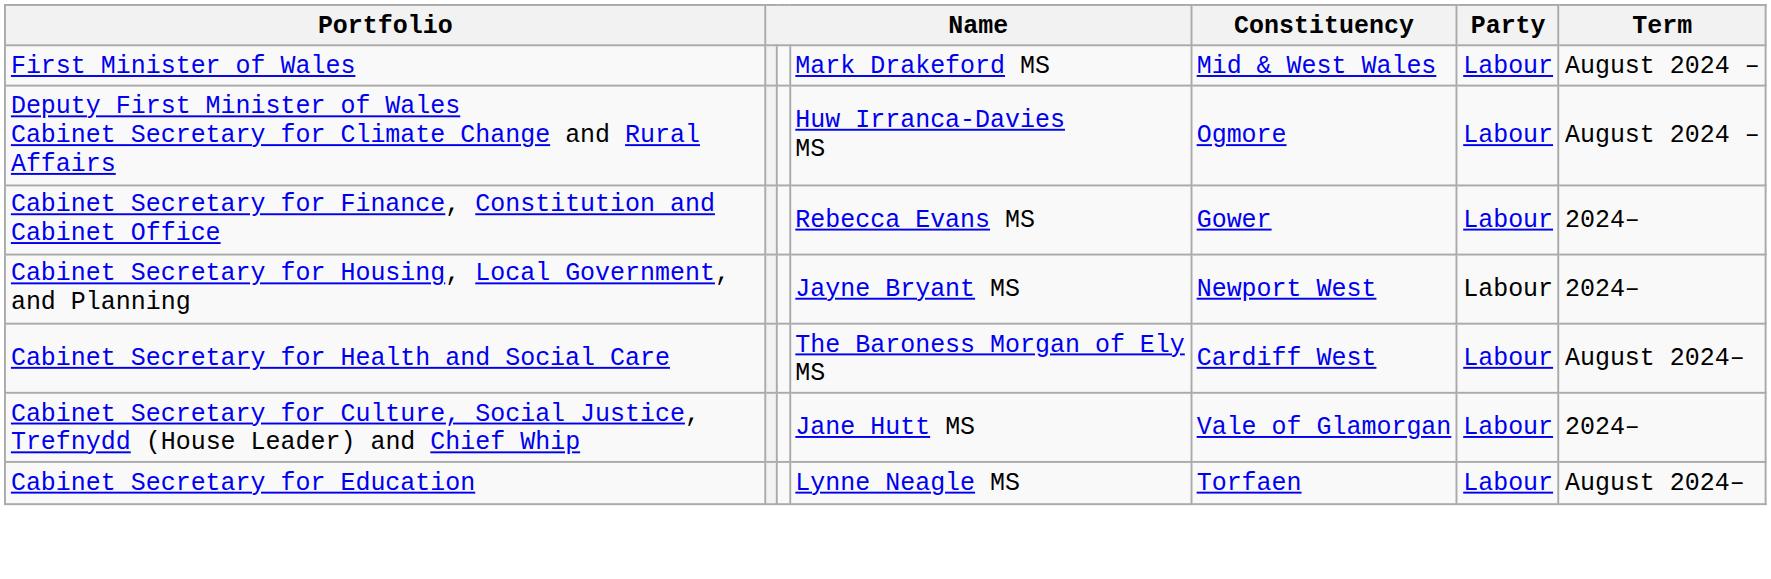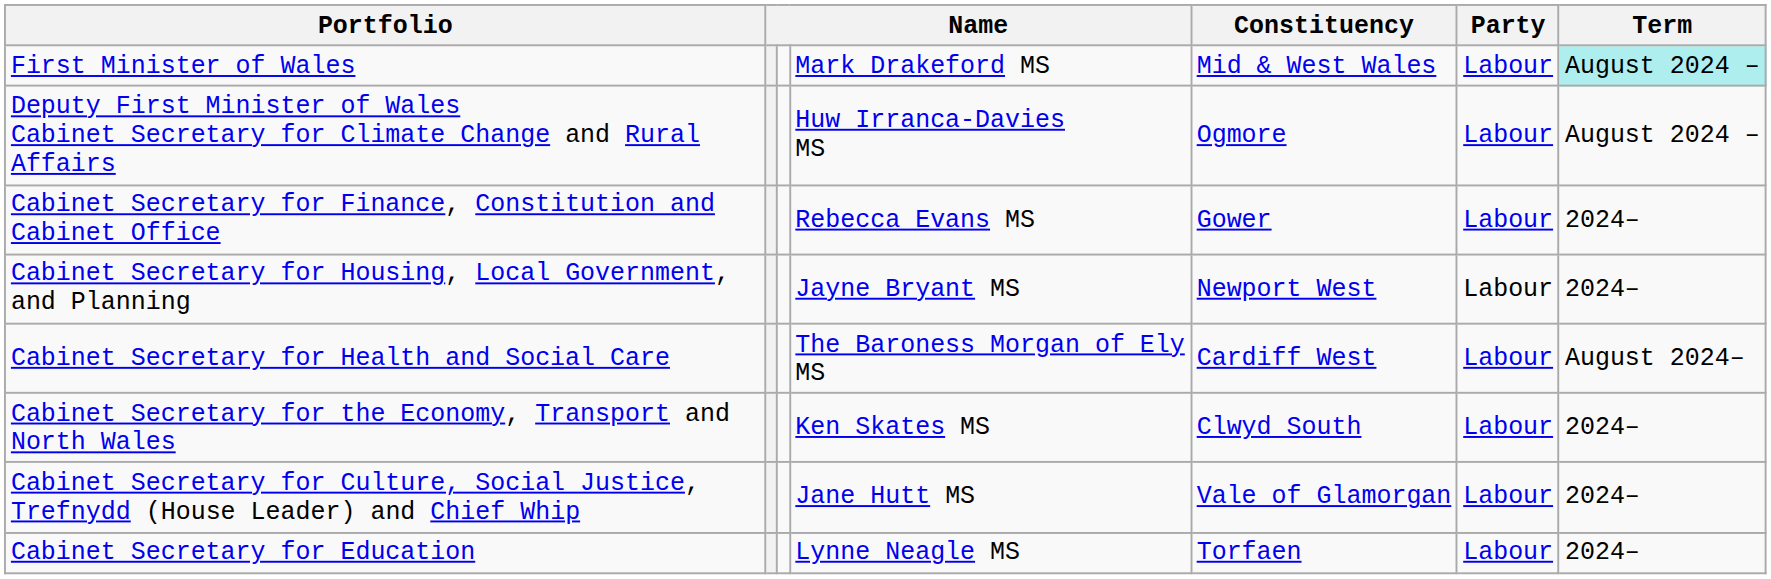 <table class="wikitable">
 <tr>
 <th style="width: 390px">Portfolio</th>
 <th colspan="3">Name</th>
 <th>Constituency</th>
 <th>Party</th>
 <th>Term</th>
 </tr>
 <tr>
 <td><a href='#'>First Minister of Wales</a></td>
 <th style="background-color: "></th>
 <td></td>
 <td><a href='#'>Mark Drakeford</a> MS</td>
 <td><a href='#'>Mid & West Wales</a></td>
 <td><a href='#'>Labour</a></td>
-<td>August 2024 –</td>
+<td style="background: paleturquoise;">August 2024 –</td>
 </tr>
 <tr>
 <td><a href='#'>Deputy First Minister of Wales</a><br><a href='#'>Cabinet Secretary for Climate Change</a> and <a href='#'>Rural Affairs</a></td>
 <th style="background-color: "></th>
 <td></td>
 <td><a href='#'>Huw Irranca-Davies</a><br>MS</td>
 <td><a href='#'>Ogmore</a></td>
 <td><a href='#'>Labour</a></td>
 <td>August 2024 –</td>
 </tr>
 <tr>
 <td><a href='#'>Cabinet Secretary for Finance</a>, <a href='#'>Constitution and Cabinet Office</a></td>
 <th style="background-color: "></th>
 <td></td>
 <td><a href='#'>Rebecca Evans</a> MS</td>
 <td><a href='#'>Gower</a></td>
 <td><a href='#'>Labour</a></td>
 <td>2024–</td>
 </tr>
 <tr>
 <td><a href='#'>Cabinet Secretary for Housing</a>, <a href='#'>Local Government</a>, and Planning</td>
 <th style="background-color: "></th>
 <td></td>
 <td><a href='#'>Jayne Bryant</a> MS</td>
 <td><a href='#'>Newport West</a></td>
 <td>Labour</td>
 <td>2024–</td>
 </tr>
 <tr>
 <td><a href='#'>Cabinet Secretary for Health and Social Care</a></td>
 <th style="background-color: "></th>
 <td></td>
 <td><a href='#'>The Baroness Morgan of Ely</a><br>MS</td>
 <td><a href='#'>Cardiff West</a></td>
 <td><a href='#'>Labour</a></td>
 <td>August 2024–</td>
 </tr>
 <tr>
+<td><a href='#'>Cabinet Secretary for the Economy</a>, <a href='#'>Transport</a> and <a href='#'>North Wales</a></td>
+<th style="background-color: "></th>
+<td></td>
+<td><a href='#'>Ken Skates</a> MS</td>
+<td><a href='#'>Clwyd South</a></td>
+<td><a href='#'>Labour</a></td>
+<td>2024–</td>
+</tr>
+<tr>
 <td><a href='#'>Cabinet Secretary for Culture, Social Justice</a>, <a href='#'>Trefnydd</a> (House Leader) and <a href='#'>Chief Whip</a></td>
 <th style="background-color: "></th>
 <td></td>
 <td><a href='#'>Jane Hutt</a> MS</td>
 <td><a href='#'>Vale of Glamorgan</a></td>
 <td><a href='#'>Labour</a></td>
 <td>2024–</td>
 </tr>
 <tr>
 <td><a href='#'>Cabinet Secretary for Education</a></td>
 <th style="background-color: "></th>
 <td></td>
 <td><a href='#'>Lynne Neagle</a> MS</td>
 <td><a href='#'>Torfaen</a></td>
 <td><a href='#'>Labour</a></td>
-<td>August 2024–</td>
+<td>2024–</td>
 </tr>
 </table>
